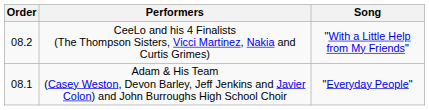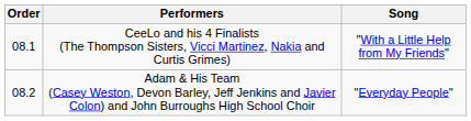 <table class="wikitable" style="text-align:center; width:70%;">
 <tr>
 <th>Order</th>
 <th>Performers</th>
 <th>Song</th>
 </tr>
 <tr>
-<td>08.2</td>
+<td>08.1</td>
 <td>CeeLo and his 4 Finalists<br>(The Thompson Sisters, <a href='#'>Vicci Martinez</a>, <a href='#'>Nakia</a> and Curtis Grimes)</td>
 <td>"<a href='#'>With a Little Help from My Friends</a>"</td>
 </tr>
 <tr>
-<td>08.1</td>
+<td>08.2</td>
 <td>Adam & His Team<br>(<a href='#'>Casey Weston</a>, Devon Barley, Jeff Jenkins and <a href='#'>Javier Colon</a>) and John Burroughs High School Choir</td>
 <td>"<a href='#'>Everyday People</a>"</td>
 </tr>
 </table>
